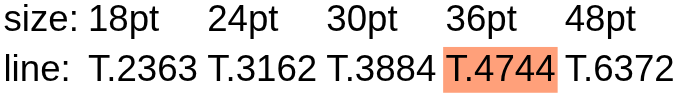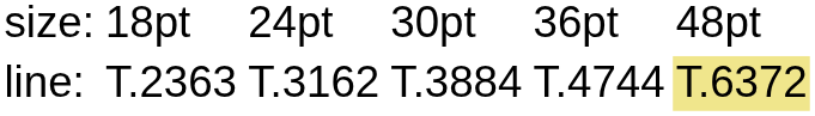 <table style="margin-left:40px;">
 <tr>
 <td>size:</td>
 <td>18pt</td>
 <td>24pt</td>
 <td>30pt</td>
 <td>36pt</td>
 <td>48pt</td>
 </tr>
 <tr>
 <td>line:</td>
 <td>T.2363</td>
 <td>T.3162</td>
 <td>T.3884</td>
-<td style="background: lightsalmon;">T.4744</td>
-<td>T.6372</td>
+<td>T.4744</td>
+<td style="background: khaki;">T.6372</td>
 </tr>
 </table>
